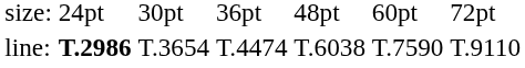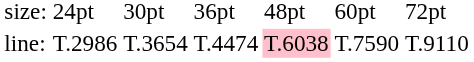 <table style="margin-left:40px;">
 <tr>
 <td>size:</td>
 <td>24pt</td>
 <td>30pt</td>
 <td>36pt</td>
 <td>48pt</td>
 <td>60pt</td>
 <td>72pt</td>
 </tr>
 <tr>
 <td>line:</td>
-<td><strong>T.2986</strong></td>
+<td>T.2986</td>
 <td>T.3654</td>
 <td>T.4474</td>
-<td>T.6038</td>
+<td style="background: pink;">T.6038</td>
 <td>T.7590</td>
 <td>T.9110</td>
 </tr>
 </table>
